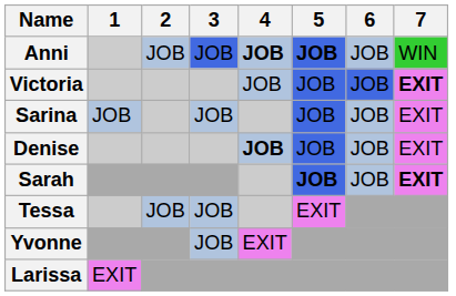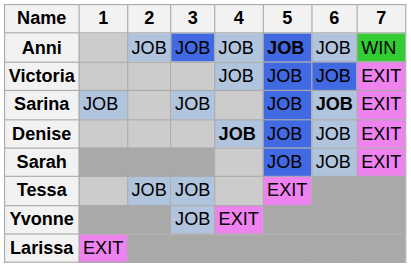 <table class="wikitable">
 <tr>
 <th>Name</th>
 <th>1</th>
 <th>2</th>
 <th>3</th>
 <th>4</th>
 <th>5</th>
 <th>6</th>
 <th>7</th>
 </tr>
 <tr>
 <th>Anni</th>
 <td bgcolor="#CCCCCC"></td>
 <td bgcolor="lightsteelblue">JOB</td>
 <td bgcolor="royalblue"><span>JOB</span></td>
-<td bgcolor="lightsteelblue"><strong>JOB</strong></td>
+<td bgcolor="lightsteelblue">JOB</td>
 <td bgcolor="royalblue"><strong><span>JOB</span></strong></td>
 <td bgcolor="lightsteelblue">JOB</td>
 <td bgcolor="limegreen">WIN</td>
 </tr>
 <tr>
 <th>Victoria</th>
 <td bgcolor="#CCCCCC"></td>
 <td bgcolor="#CCCCCC"></td>
 <td bgcolor="#CCCCCC"></td>
 <td bgcolor="lightsteelblue">JOB</td>
 <td bgcolor="royalblue"><span>JOB</span></td>
 <td bgcolor="royalblue"><span>JOB</span></td>
-<td bgcolor="violet"><strong>EXIT</strong></td>
+<td bgcolor="violet">EXIT</td>
 </tr>
 <tr>
 <th>Sarina</th>
 <td bgcolor="lightsteelblue">JOB</td>
 <td bgcolor="#CCCCCC"></td>
 <td bgcolor="lightsteelblue">JOB</td>
 <td bgcolor="#CCCCCC"></td>
 <td bgcolor="royalblue"><span>JOB</span></td>
-<td bgcolor="lightsteelblue">JOB</td>
+<td bgcolor="lightsteelblue"><strong>JOB</strong></td>
 <td bgcolor="violet">EXIT</td>
 </tr>
 <tr>
 <th>Denise</th>
 <td bgcolor="#CCCCCC"></td>
 <td bgcolor="#CCCCCC"></td>
 <td bgcolor="#CCCCCC"></td>
 <td bgcolor="lightsteelblue"><strong>JOB</strong></td>
 <td bgcolor="royalblue"><span>JOB</span></td>
 <td bgcolor="lightsteelblue">JOB</td>
 <td bgcolor="violet">EXIT</td>
 </tr>
 <tr>
 <th>Sarah</th>
 <td bgcolor="darkgray" colspan="3"></td>
 <td bgcolor="#CCCCCC"></td>
-<td bgcolor="royalblue"><strong><span>JOB</span></strong></td>
+<td bgcolor="royalblue"><span>JOB</span></td>
 <td bgcolor="lightsteelblue">JOB</td>
-<td bgcolor="violet"><strong>EXIT</strong></td>
+<td bgcolor="violet">EXIT</td>
 </tr>
 <tr>
 <th>Tessa</th>
 <td bgcolor="#CCCCCC"></td>
 <td bgcolor="lightsteelblue">JOB</td>
 <td bgcolor="lightsteelblue">JOB</td>
 <td bgcolor="#CCCCCC"></td>
 <td bgcolor="violet">EXIT</td>
 <td bgcolor="darkgray" colspan="3"></td>
 </tr>
 <tr>
 <th>Yvonne</th>
 <td bgcolor="darkgray" colspan="2"></td>
 <td bgcolor="lightsteelblue">JOB</td>
 <td bgcolor="violet">EXIT</td>
 <td bgcolor="darkgray" colspan="4"></td>
 </tr>
 <tr>
 <th>Larissa</th>
 <td bgcolor="violet">EXIT</td>
 <td bgcolor="darkgray" colspan="6"></td>
 </tr>
 </table>
